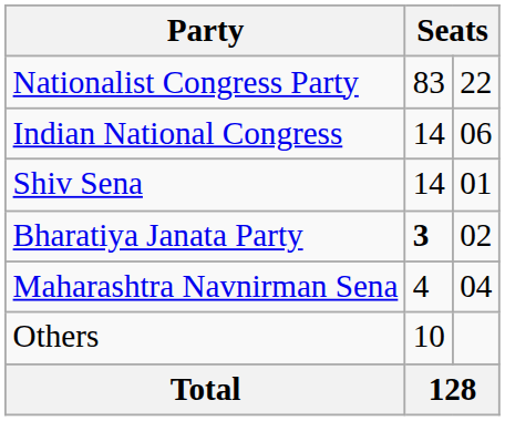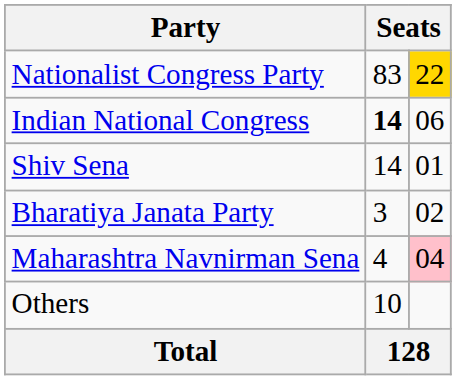 <table class="wikitable">
 <tr>
 <th>Party</th>
 <th colspan="2">Seats</th>
 </tr>
 <tr>
 <td><a href='#'>Nationalist Congress Party</a></td>
 <td>83</td>
-<td> 22</td>
+<td style="background: gold;"> 22</td>
 </tr>
 <tr>
 <td><a href='#'>Indian National Congress</a></td>
-<td>14</td>
+<td><strong>14</strong></td>
 <td> 06</td>
 </tr>
 <tr>
 <td><a href='#'>Shiv Sena</a></td>
 <td>14</td>
 <td> 01</td>
 </tr>
 <tr>
 <td><a href='#'>Bharatiya Janata Party</a></td>
-<td><strong>3</strong></td>
+<td>3</td>
 <td> 02</td>
 </tr>
 <tr>
 <td><a href='#'>Maharashtra Navnirman Sena</a></td>
 <td>4</td>
-<td> 04</td>
+<td style="background: pink;"> 04</td>
 </tr>
 <tr>
 <td>Others</td>
 <td>10</td>
 <td></td>
 </tr>
 <tr>
 <th><strong>Total</strong></th>
 <th colspan="2">128</th>
 </tr>
 </table>
